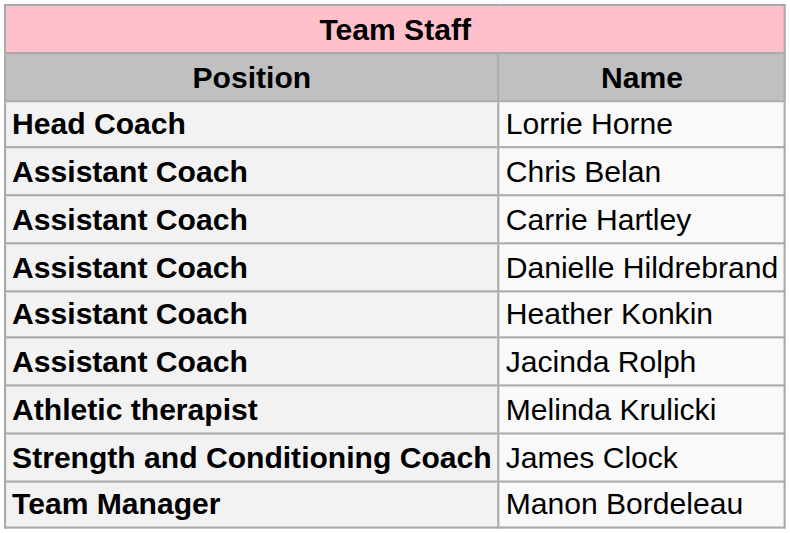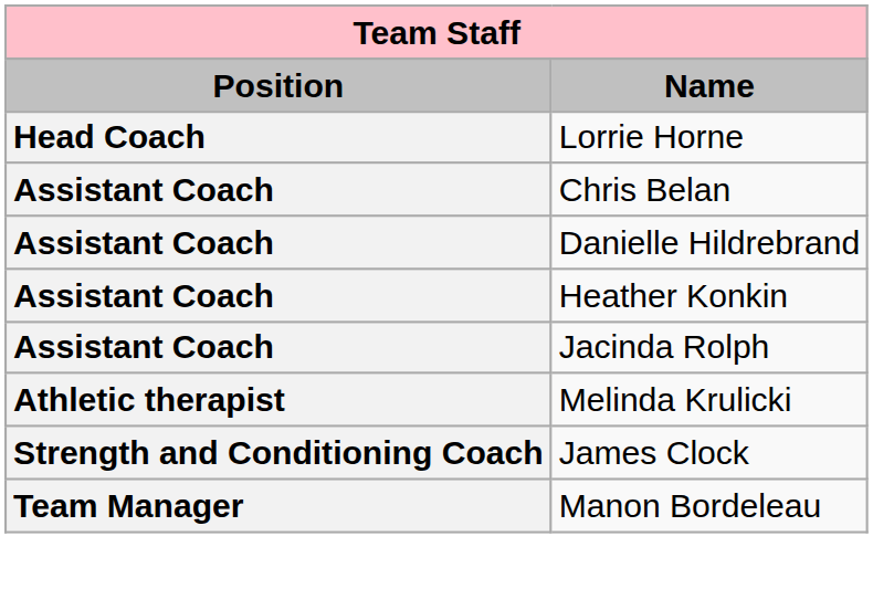 <table class="wikitable" style="text-align:left; font-size:90%;">
 <tr>
 <th style=background:pink colspan=2>Team Staff</th>
 </tr>
 <tr>
 <th style="background:silver;">Position</th>
 <th style="background:silver;">Name</th>
 </tr>
 <tr>
 <th style="text-align:left;">Head Coach</th>
 <td>Lorrie Horne</td>
 </tr>
 <tr>
 <th style="text-align:left;">Assistant Coach</th>
 <td>Chris Belan</td>
-</tr>
-<tr>
-<th style="text-align:left;">Assistant Coach</th>
-<td>Carrie Hartley</td>
 </tr>
 <tr>
 <th style="text-align:left;">Assistant Coach</th>
 <td>Danielle Hildrebrand</td>
 </tr>
 <tr>
 <th style="text-align:left;">Assistant Coach</th>
 <td>Heather Konkin</td>
 </tr>
 <tr>
 <th style="text-align:left;">Assistant Coach</th>
 <td>Jacinda Rolph</td>
 </tr>
 <tr>
 <th style="text-align:left;">Athletic therapist</th>
 <td>Melinda Krulicki</td>
 </tr>
 <tr>
 <th style="text-align:left;">Strength and Conditioning Coach</th>
 <td>James Clock</td>
 </tr>
 <tr>
 <th style="text-align:left;">Team Manager</th>
 <td>Manon Bordeleau</td>
 </tr>
 </table>
